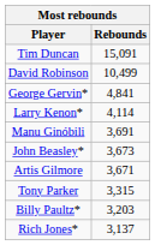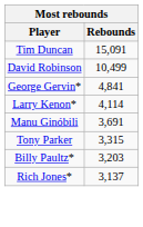 <table class="wikitable sortable" style="text-align:center">
 <tr>
 <th colspan="2">Most rebounds</th>
 </tr>
 <tr>
 <th>Player</th>
 <th>Rebounds</th>
 </tr>
 <tr>
 <td><a href='#'>Tim Duncan</a></td>
 <td>15,091</td>
 </tr>
 <tr>
 <td><a href='#'>David Robinson</a></td>
 <td>10,499</td>
 </tr>
 <tr>
 <td><a href='#'>George Gervin</a>*</td>
 <td>4,841</td>
 </tr>
 <tr>
 <td><a href='#'>Larry Kenon</a>*</td>
 <td>4,114</td>
 </tr>
 <tr>
 <td><a href='#'>Manu Ginóbili</a></td>
 <td>3,691</td>
 </tr>
 <tr>
-<td><a href='#'>John Beasley</a>*</td>
-<td>3,673</td>
-</tr>
-<tr>
-<td><a href='#'>Artis Gilmore</a></td>
-<td>3,671</td>
-</tr>
-<tr>
 <td><a href='#'>Tony Parker</a></td>
 <td>3,315</td>
 </tr>
 <tr>
 <td><a href='#'>Billy Paultz</a>*</td>
 <td>3,203</td>
 </tr>
 <tr>
 <td><a href='#'>Rich Jones</a>*</td>
 <td>3,137</td>
 </tr>
 </table>
